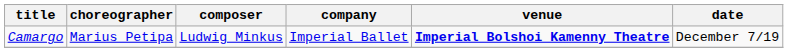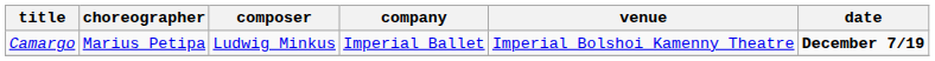 <table class="wikitable sortable">
 <tr>
 <th>title</th>
 <th>choreographer</th>
 <th>composer</th>
 <th>company</th>
 <th>venue</th>
 <th>date</th>
 </tr>
 <tr>
 <td><em><a href='#'> Camargo</a></em></td>
 <td><a href='#'>Marius Petipa</a></td>
 <td><a href='#'>Ludwig Minkus</a></td>
 <td><a href='#'>Imperial Ballet</a></td>
-<td><strong><a href='#'>Imperial Bolshoi Kamenny Theatre</a></strong></td>
-<td>December 7/19</td>
+<td><a href='#'>Imperial Bolshoi Kamenny Theatre</a></td>
+<td><strong>December 7/19</strong></td>
 </tr>
 <tr>
 </tr>
 </table>
